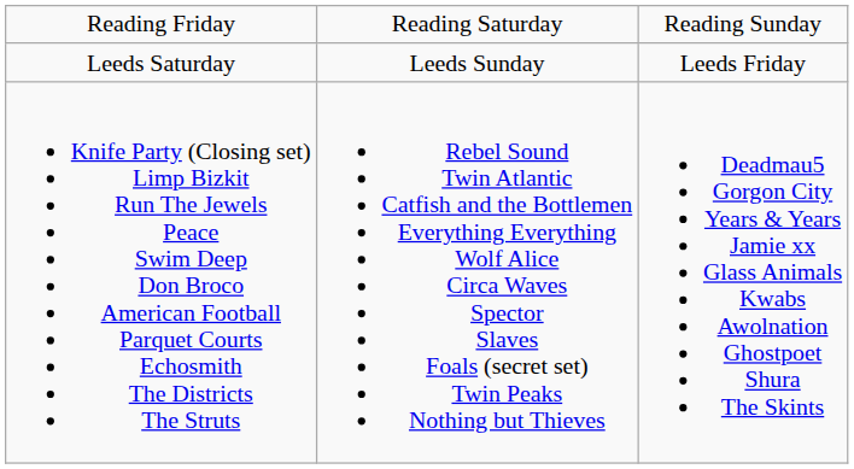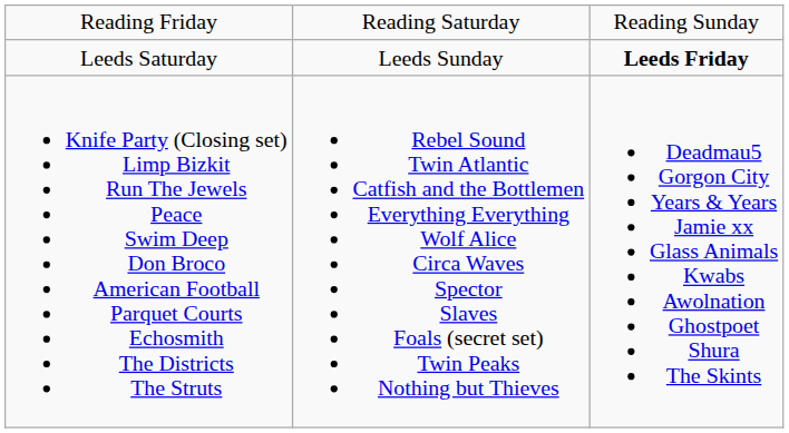 <table class="wikitable" style="text-align:center;">
 <tr>
 <td>Reading Friday</td>
 <td>Reading Saturday</td>
 <td>Reading Sunday</td>
 </tr>
 <tr>
 <td>Leeds Saturday</td>
 <td>Leeds Sunday</td>
-<td>Leeds Friday</td>
+<td><strong>Leeds Friday</strong></td>
 </tr>
 <tr>
 <td><br><ul><li><a href='#'>Knife Party</a> (Closing set)</li><li><a href='#'>Limp Bizkit</a></li><li><a href='#'>Run The Jewels</a></li><li><a href='#'>Peace</a></li><li><a href='#'>Swim Deep</a></li><li><a href='#'>Don Broco</a></li><li><a href='#'>American Football</a></li><li><a href='#'>Parquet Courts</a></li><li><a href='#'>Echosmith</a></li><li><a href='#'>The Districts</a></li><li><a href='#'>The Struts</a></li></ul></td>
 <td><br><ul><li><a href='#'>Rebel Sound</a></li><li><a href='#'>Twin Atlantic</a></li><li><a href='#'>Catfish and the Bottlemen</a></li><li><a href='#'>Everything Everything</a></li><li><a href='#'>Wolf Alice</a></li><li><a href='#'>Circa Waves</a></li><li><a href='#'>Spector</a></li><li><a href='#'>Slaves</a></li><li><a href='#'>Foals</a> (secret set)</li><li><a href='#'>Twin Peaks</a></li><li><a href='#'>Nothing but Thieves</a></li></ul></td>
 <td><br><ul><li><a href='#'>Deadmau5</a></li><li><a href='#'>Gorgon City</a></li><li><a href='#'>Years & Years</a></li><li><a href='#'>Jamie xx</a></li><li><a href='#'>Glass Animals</a></li><li><a href='#'>Kwabs</a></li><li><a href='#'>Awolnation</a></li><li><a href='#'>Ghostpoet</a></li><li><a href='#'>Shura</a></li><li><a href='#'>The Skints</a></li></ul></td>
 </tr>
 </table>
